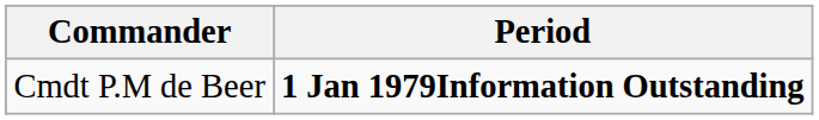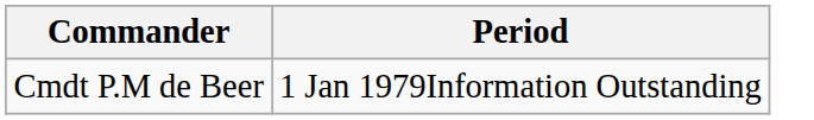 <table class="wikitable">
 <tr>
 <th>Commander</th>
 <th>Period</th>
 </tr>
 <tr>
 <td>Cmdt P.M de Beer</td>
-<td><strong>1 Jan 1979Information Outstanding</strong></td>
+<td>1 Jan 1979Information Outstanding</td>
 </tr>
 </table>
